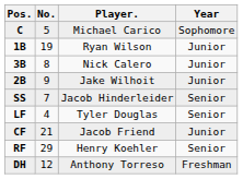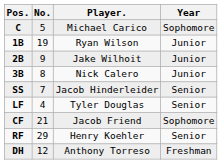 <table class="wikitable non-sortable">
 <tr>
 <th style="text-align:center; ">Pos.</th>
 <th style="text-align:center; ">No.</th>
 <th style="text-align:center; ">Player.</th>
 <th style="text-align:center; ">Year</th>
 </tr>
 <tr style="background:#eeeeee;text-align:center;">
 <td><strong>C</strong></td>
 <td>5</td>
 <td>Michael Carico</td>
 <td>Sophomore</td>
 </tr>
 <tr style="text-align:center;">
 <td><strong>1B</strong></td>
 <td>19</td>
 <td>Ryan Wilson</td>
 <td>Junior</td>
 </tr>
+<tr style="background:#eeeeee;text-align:center;">
+<td><strong>2B</strong></td>
+<td>9</td>
+<td>Jake Wilhoit</td>
+<td>Junior</td>
+</tr>
 <tr style="text-align:center;">
 <td><strong>3B</strong></td>
 <td>8</td>
 <td>Nick Calero</td>
-<td>Junior</td>
-</tr>
-<tr style="background:#eeeeee;text-align:center;">
-<td><strong>2B</strong></td>
-<td>9</td>
-<td>Jake Wilhoit</td>
 <td>Junior</td>
 </tr>
 <tr style="background:#eeeeee;text-align:center;">
 <td><strong>SS</strong></td>
 <td>7</td>
 <td>Jacob Hinderleider</td>
 <td>Senior</td>
 </tr>
 <tr style="text-align:center;">
 <td><strong>LF</strong></td>
 <td>4</td>
 <td>Tyler Douglas</td>
 <td>Senior</td>
 </tr>
 <tr style="background:#eeeeee;text-align:center;">
 <td><strong>CF</strong></td>
 <td>21</td>
 <td>Jacob Friend</td>
-<td>Junior</td>
+<td>Sophomore</td>
 </tr>
 <tr style="text-align:center;">
 <td><strong>RF</strong></td>
 <td>29</td>
 <td>Henry Koehler</td>
 <td>Senior</td>
 </tr>
 <tr style="background:#eeeeee;text-align:center;">
 <td><strong>DH</strong></td>
 <td>12</td>
 <td>Anthony Torreso</td>
 <td>Freshman</td>
 </tr>
 </table>
